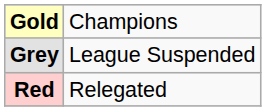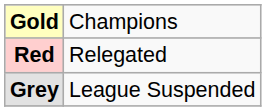 <table class="wikitable" style="font-size:85%">
 <tr>
 <th scope="row" style="background: #ffffbf">Gold</th>
 <td>Champions</td>
 </tr>
 <tr>
+<th scope="row" style="background: #ffcfcf">Red</th>
+<td>Relegated</td>
+</tr>
+<tr>
 <th scope="row" style="background: #e2e2e2">Grey</th>
 <td>League Suspended</td>
 </tr>
-<tr>
-<th scope="row" style="background: #ffcfcf">Red</th>
-<td>Relegated</td>
-</tr>
 </table>
